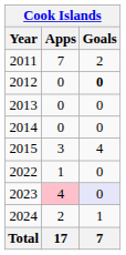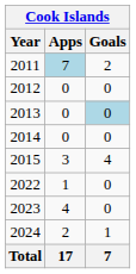 <table class="wikitable" style="text-align:center">
 <tr>
 <th colspan=3><a href='#'>Cook Islands</a></th>
 </tr>
 <tr>
 <th>Year</th>
 <th>Apps</th>
 <th>Goals</th>
 </tr>
 <tr>
 <td>2011</td>
-<td>7</td>
+<td style="background: lightblue;">7</td>
 <td>2</td>
 </tr>
 <tr>
 <td>2012</td>
 <td>0</td>
-<td><strong>0</strong></td>
+<td>0</td>
 </tr>
 <tr>
 <td>2013</td>
 <td>0</td>
-<td>0</td>
+<td style="background: lightblue;">0</td>
 </tr>
 <tr>
 <td>2014</td>
 <td>0</td>
 <td>0</td>
 </tr>
 <tr>
 <td>2015</td>
 <td>3</td>
 <td>4</td>
 </tr>
 <tr>
 <td>2022</td>
 <td>1</td>
 <td>0</td>
 </tr>
 <tr>
 <td>2023</td>
-<td style="background: pink;">4</td>
-<td style="background: lavender;">0</td>
+<td>4</td>
+<td>0</td>
 </tr>
 <tr>
 <td>2024</td>
 <td>2</td>
 <td>1</td>
 </tr>
 <tr>
 <th>Total</th>
 <th>17</th>
 <th>7</th>
 </tr>
 </table>
